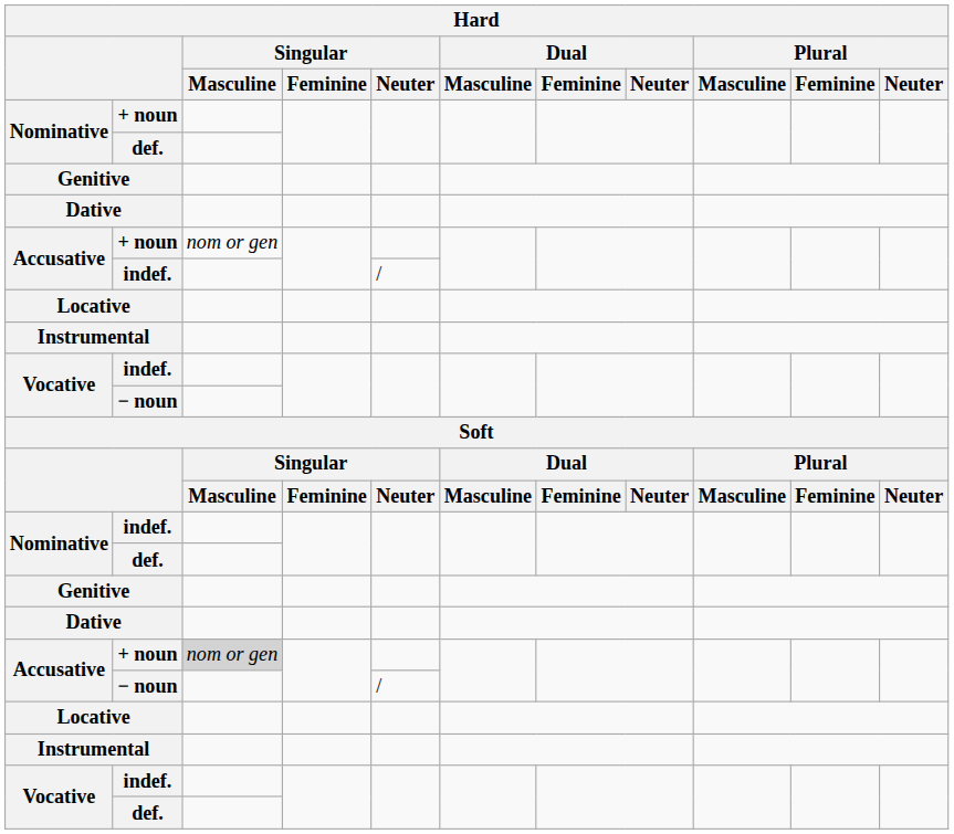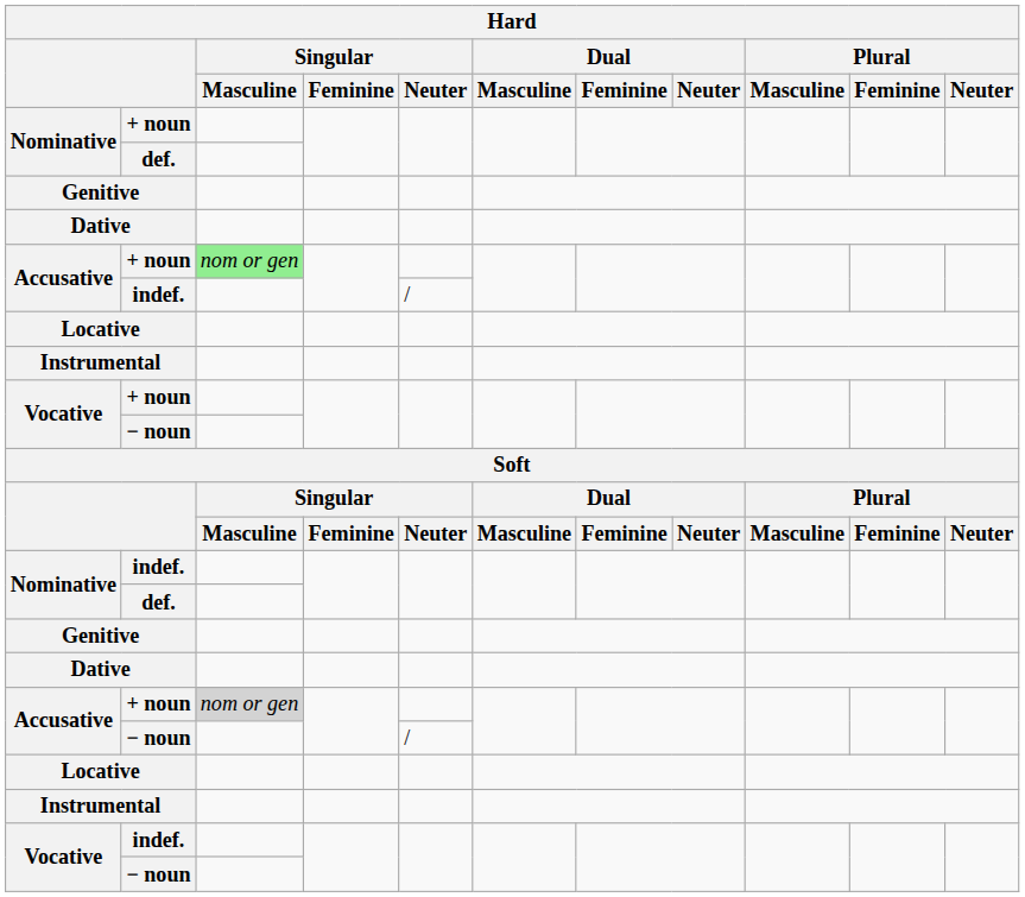 <table class="wikitable">
 <tr>
 <th colspan="11">Hard</th>
 </tr>
 <tr>
 <th colspan="2" rowspan="2"></th>
 <th colspan="3">Singular</th>
 <th colspan="3">Dual</th>
 <th colspan="3">Plural</th>
 </tr>
 <tr>
 <th>Masculine</th>
 <th>Feminine</th>
 <th>Neuter</th>
 <th>Masculine</th>
 <th>Feminine</th>
 <th>Neuter</th>
 <th>Masculine</th>
 <th>Feminine</th>
 <th>Neuter</th>
 </tr>
 <tr>
 <th rowspan="2">Nominative</th>
 <th>+ noun</th>
 <td></td>
 <td rowspan="2"></td>
 <td rowspan="2"></td>
 <td rowspan="2"></td>
 <td colspan="2" rowspan="2"></td>
 <td rowspan="2"></td>
 <td rowspan="2"></td>
 <td rowspan="2"></td>
 </tr>
 <tr>
 <th>def.</th>
 <td></td>
 </tr>
 <tr>
 <th colspan="2">Genitive</th>
 <td></td>
 <td></td>
 <td></td>
 <td colspan="3"></td>
 <td colspan="3"></td>
 </tr>
 <tr>
 <th colspan="2">Dative</th>
 <td></td>
 <td></td>
 <td></td>
 <td colspan="3"></td>
 <td colspan="3"></td>
 </tr>
 <tr>
 <th rowspan="2">Accusative</th>
 <th>+ noun</th>
-<td><em>nom or gen</em></td>
+<td style="background: lightgreen;"><em>nom or gen</em></td>
 <td rowspan="2"></td>
 <td></td>
 <td rowspan="2"></td>
 <td colspan="2" rowspan="2"></td>
 <td rowspan="2"></td>
 <td rowspan="2"></td>
 <td rowspan="2"></td>
 </tr>
 <tr>
 <th>indef.</th>
 <td></td>
 <td> / </td>
 </tr>
 <tr>
 <th colspan="2">Locative</th>
 <td></td>
 <td></td>
 <td></td>
 <td colspan="3"></td>
 <td colspan="3"></td>
 </tr>
 <tr>
 <th colspan="2">Instrumental</th>
 <td></td>
 <td></td>
 <td></td>
 <td colspan="3"></td>
 <td colspan="3"></td>
 </tr>
 <tr>
 <th rowspan="2">Vocative</th>
-<th>indef.</th>
+<th>+ noun</th>
 <td></td>
 <td rowspan="2"></td>
 <td rowspan="2"></td>
 <td rowspan="2"></td>
 <td colspan="2" rowspan="2"></td>
 <td rowspan="2"></td>
 <td rowspan="2"></td>
 <td rowspan="2"></td>
 </tr>
 <tr>
 <th>− noun</th>
 <td></td>
 </tr>
 <tr>
 <th colspan="11">Soft</th>
 </tr>
 <tr>
 <th colspan="2" rowspan="2"></th>
 <th colspan="3">Singular</th>
 <th colspan="3">Dual</th>
 <th colspan="3">Plural</th>
 </tr>
 <tr>
 <th>Masculine</th>
 <th>Feminine</th>
 <th>Neuter</th>
 <th>Masculine</th>
 <th>Feminine</th>
 <th>Neuter</th>
 <th>Masculine</th>
 <th>Feminine</th>
 <th>Neuter</th>
 </tr>
 <tr>
 <th rowspan="2">Nominative</th>
 <th>indef.</th>
 <td></td>
 <td rowspan="2"></td>
 <td rowspan="2"></td>
 <td rowspan="2"></td>
 <td colspan="2" rowspan="2"></td>
 <td rowspan="2"></td>
 <td rowspan="2"></td>
 <td rowspan="2"></td>
 </tr>
 <tr>
 <th>def.</th>
 <td></td>
 </tr>
 <tr>
 <th colspan="2">Genitive</th>
 <td></td>
 <td></td>
 <td></td>
 <td colspan="3"></td>
 <td colspan="3"></td>
 </tr>
 <tr>
 <th colspan="2">Dative</th>
 <td></td>
 <td></td>
 <td></td>
 <td colspan="3"></td>
 <td colspan="3"></td>
 </tr>
 <tr>
 <th rowspan="2">Accusative</th>
 <th>+ noun</th>
 <td style="background: lightgrey;"><em>nom or gen</em></td>
 <td rowspan="2"></td>
 <td></td>
 <td rowspan="2"></td>
 <td colspan="2" rowspan="2"></td>
 <td rowspan="2"></td>
 <td rowspan="2"></td>
 <td rowspan="2"></td>
 </tr>
 <tr>
 <th>− noun</th>
 <td></td>
 <td> / </td>
 </tr>
 <tr>
 <th colspan="2">Locative</th>
 <td></td>
 <td></td>
 <td></td>
 <td colspan="3"></td>
 <td colspan="3"></td>
 </tr>
 <tr>
 <th colspan="2">Instrumental</th>
 <td></td>
 <td></td>
 <td></td>
 <td colspan="3"></td>
 <td colspan="3"></td>
 </tr>
 <tr>
 <th rowspan="2">Vocative</th>
 <th>indef.</th>
 <td></td>
 <td rowspan="2"></td>
 <td rowspan="2"></td>
 <td rowspan="2"></td>
 <td colspan="2" rowspan="2"></td>
 <td rowspan="2"></td>
 <td rowspan="2"></td>
 <td rowspan="2"></td>
 </tr>
 <tr>
-<th>def.</th>
+<th>− noun</th>
 <td></td>
 </tr>
 </table>
